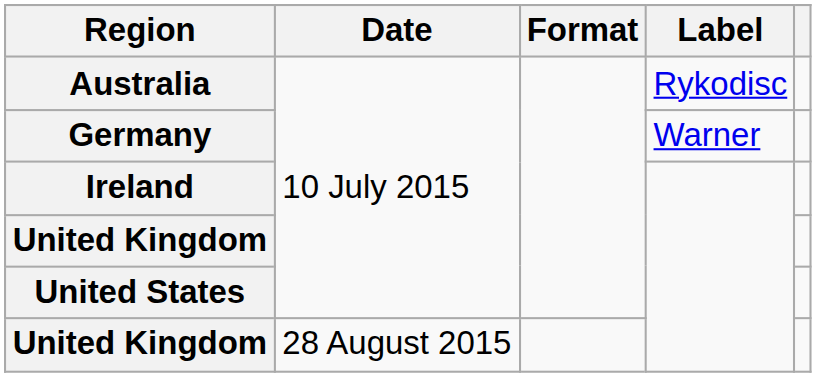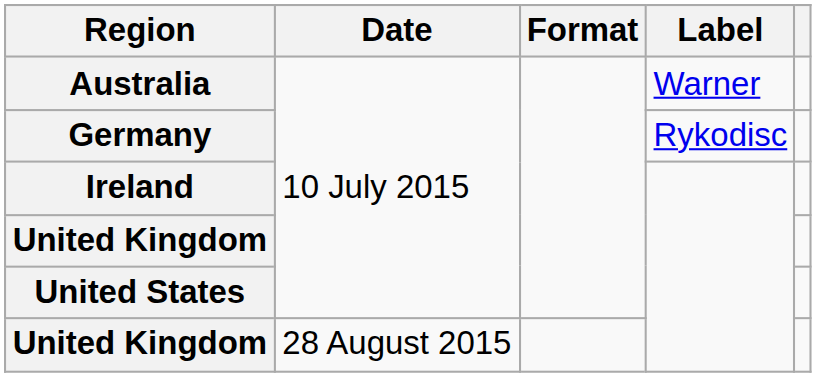 <table class="wikitable plainrowheaders">
 <tr>
 <th scope="col">Region</th>
 <th scope="col">Date</th>
 <th scope="col">Format</th>
 <th scope="col">Label</th>
 <th scope="col"></th>
 </tr>
 <tr>
 <th scope="row">Australia</th>
 <td rowspan="5">10 July 2015</td>
 <td rowspan="5"></td>
-<td><a href='#'>Rykodisc</a></td>
+<td><a href='#'>Warner</a></td>
 <td align="center"></td>
 </tr>
 <tr>
 <th scope="row">Germany</th>
-<td><a href='#'>Warner</a></td>
+<td><a href='#'>Rykodisc</a></td>
 <td align="center"></td>
 </tr>
 <tr>
 <th scope="row">Ireland</th>
 <td rowspan="4"></td>
 <td align="center"></td>
 </tr>
 <tr>
 <th scope="row">United Kingdom</th>
 <td align="center"></td>
 </tr>
 <tr>
 <th scope="row">United States</th>
 <td align="center"></td>
 </tr>
 <tr>
 <th scope="row">United Kingdom</th>
 <td>28 August 2015</td>
 <td></td>
 <td align="center"></td>
 </tr>
 </table>
